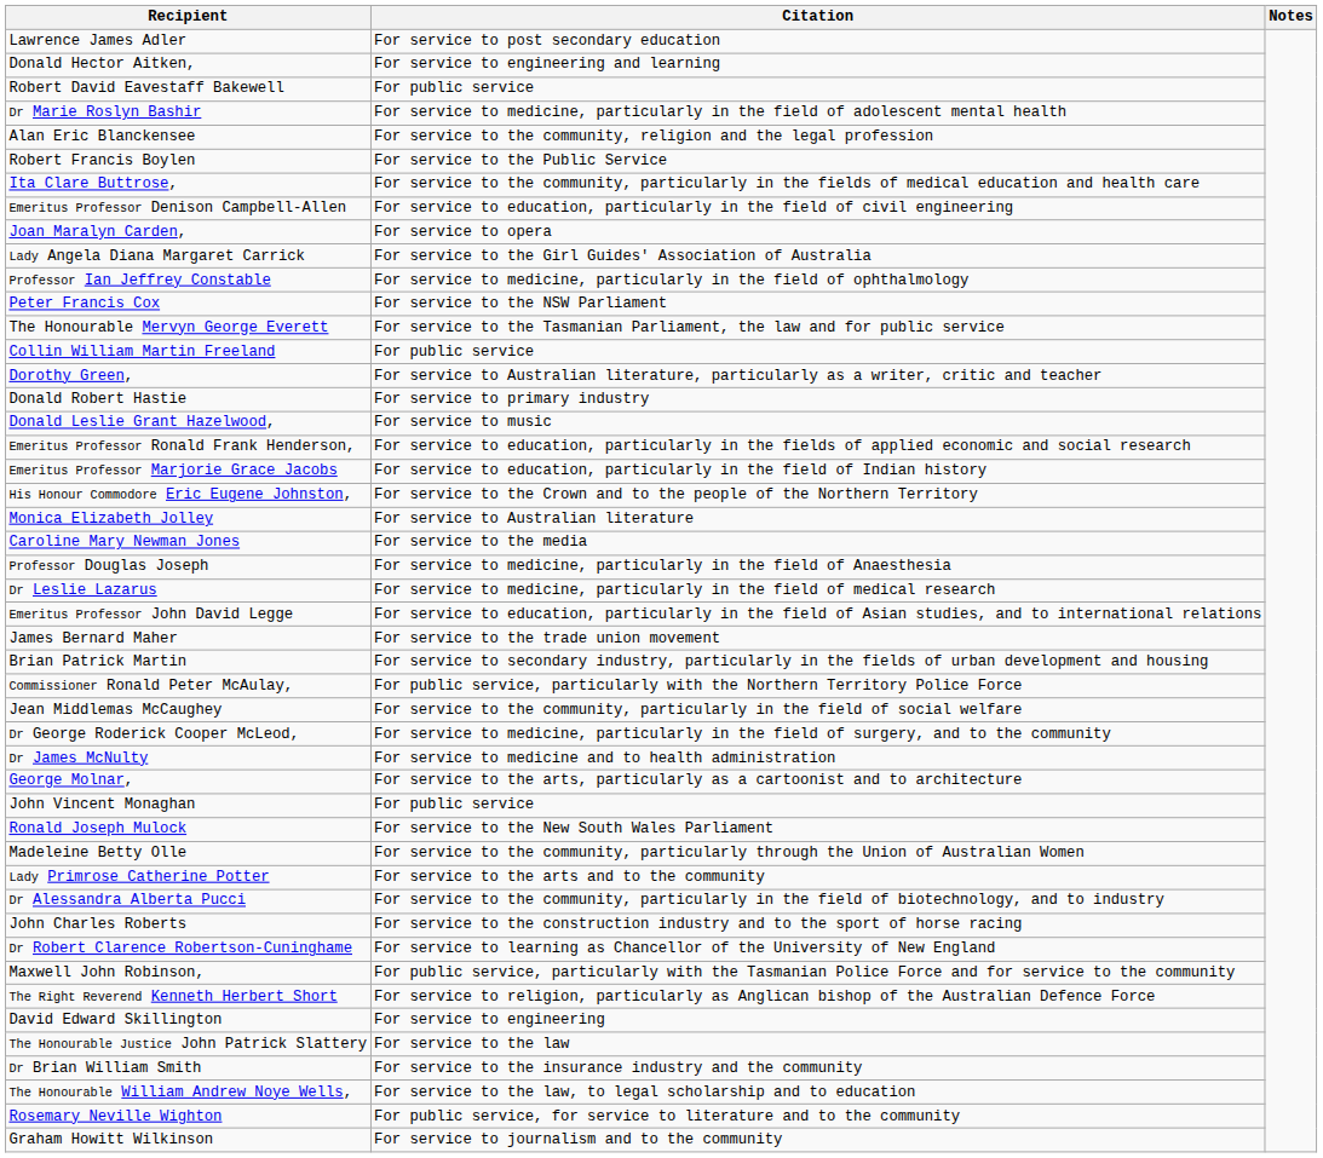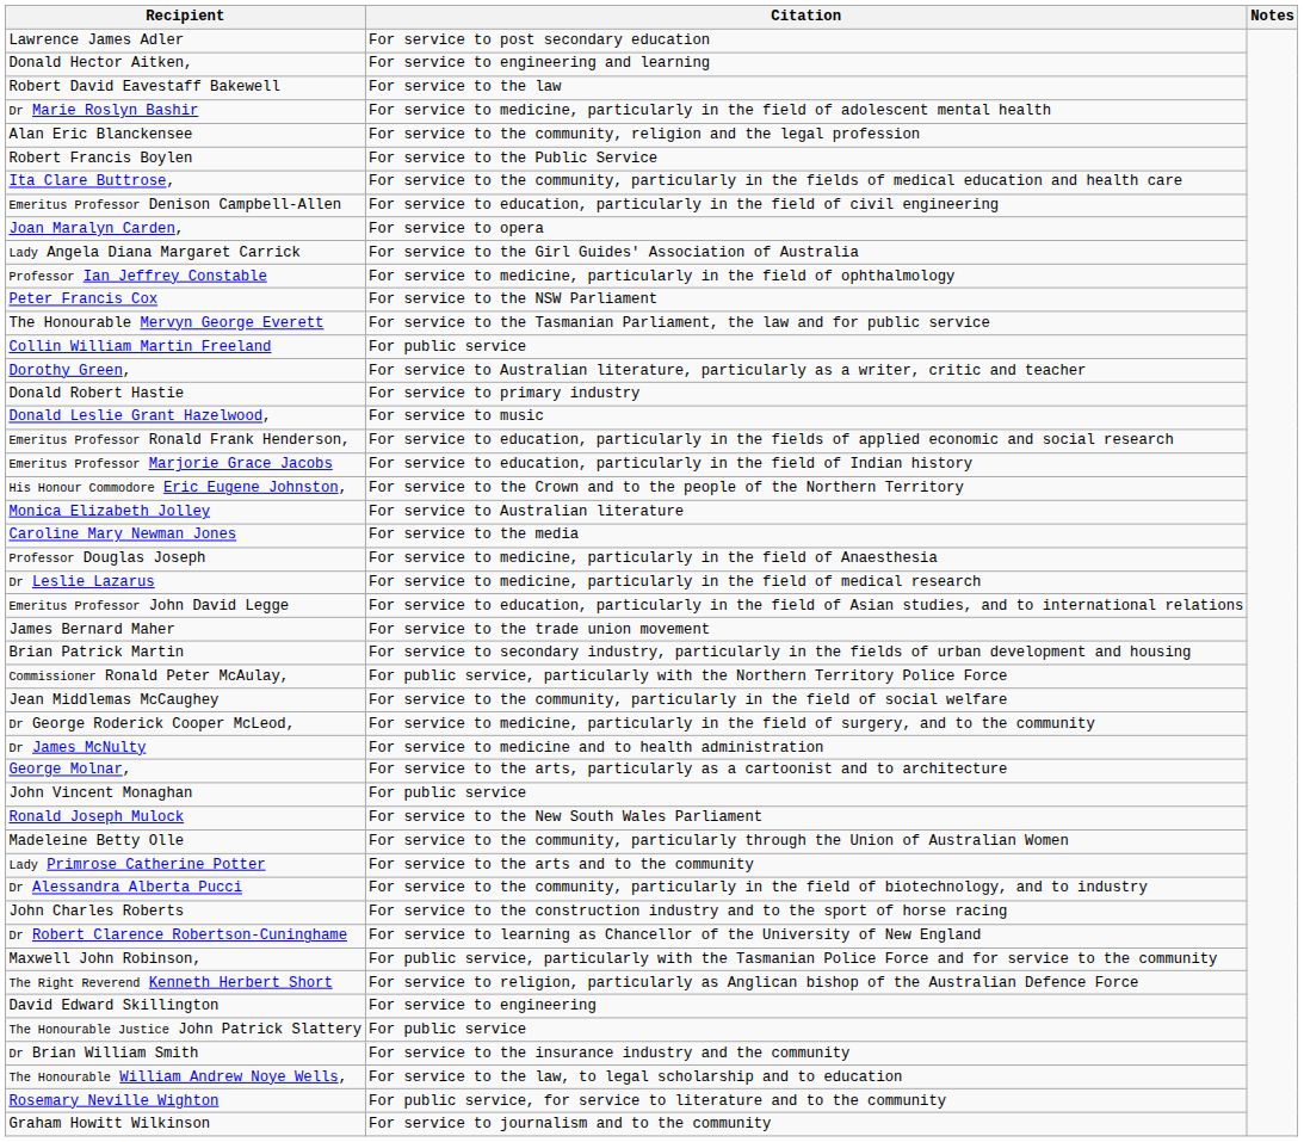 <table class="wikitable" style="font-size:95%;">
 <tr>
 <th>Recipient</th>
 <th>Citation</th>
 <th>Notes</th>
 </tr>
 <tr>
 <td>Lawrence James Adler</td>
 <td>For service to post secondary education</td>
 <td rowspan="47"></td>
 </tr>
 <tr>
 <td>Donald Hector Aitken, </td>
 <td>For service to engineering and learning</td>
 </tr>
 <tr>
 <td>Robert David Eavestaff Bakewell</td>
-<td>For public service</td>
+<td>For service to the law</td>
 </tr>
 <tr>
 <td><small>Dr</small> <a href='#'>Marie Roslyn Bashir</a></td>
 <td>For service to medicine, particularly in the field of adolescent mental health</td>
 </tr>
 <tr>
 <td>Alan Eric Blanckensee</td>
 <td>For service to the community, religion and the legal profession</td>
 </tr>
 <tr>
 <td>Robert Francis Boylen</td>
 <td>For service to the Public Service</td>
 </tr>
 <tr>
 <td><a href='#'>Ita Clare Buttrose</a>, </td>
 <td>For service to the community, particularly in the fields of medical education and health care</td>
 </tr>
 <tr>
 <td><small>Emeritus Professor</small> Denison Campbell-Allen</td>
 <td>For service to education, particularly in the field of civil engineering</td>
 </tr>
 <tr>
 <td><a href='#'>Joan Maralyn Carden</a>, </td>
 <td>For service to opera</td>
 </tr>
 <tr>
 <td><small>Lady</small> Angela Diana Margaret Carrick</td>
 <td>For service to the Girl Guides' Association of Australia</td>
 </tr>
 <tr>
 <td><small>Professor</small> <a href='#'>Ian Jeffrey Constable</a></td>
 <td>For service to medicine, particularly in the field of ophthalmology</td>
 </tr>
 <tr>
 <td><a href='#'>Peter Francis Cox</a></td>
 <td>For service to the NSW Parliament</td>
 </tr>
 <tr>
 <td>The Honourable <a href='#'>Mervyn George Everett</a></td>
 <td>For service to the Tasmanian Parliament, the law and for public service</td>
 </tr>
 <tr>
 <td><a href='#'>Collin William Martin Freeland</a></td>
 <td>For public service</td>
 </tr>
 <tr>
 <td><a href='#'>Dorothy Green</a>, </td>
 <td>For service to Australian literature, particularly as a writer, critic and teacher</td>
 </tr>
 <tr>
 <td>Donald Robert Hastie</td>
 <td>For service to primary industry</td>
 </tr>
 <tr>
 <td><a href='#'>Donald Leslie Grant Hazelwood</a>, </td>
 <td>For service to music</td>
 </tr>
 <tr>
 <td><small>Emeritus Professor</small> Ronald Frank Henderson, </td>
 <td>For service to education, particularly in the fields of applied economic and social research</td>
 </tr>
 <tr>
 <td><small>Emeritus Professor</small> <a href='#'>Marjorie Grace Jacobs</a></td>
 <td>For service to education, particularly in the field of Indian history</td>
 </tr>
 <tr>
 <td><small>His Honour Commodore</small> <a href='#'>Eric Eugene Johnston</a>, </td>
 <td>For service to the Crown and to the people of the Northern Territory</td>
 </tr>
 <tr>
 <td><a href='#'>Monica Elizabeth Jolley</a></td>
 <td>For service to Australian literature</td>
 </tr>
 <tr>
 <td><a href='#'>Caroline Mary Newman Jones</a></td>
 <td>For service to the media</td>
 </tr>
 <tr>
 <td><small>Professor</small> Douglas Joseph</td>
 <td>For service to medicine, particularly in the field of Anaesthesia</td>
 </tr>
 <tr>
 <td><small>Dr</small> <a href='#'>Leslie Lazarus</a></td>
 <td>For service to medicine, particularly in the field of medical research</td>
 </tr>
 <tr>
 <td><small>Emeritus Professor</small> John David Legge</td>
 <td>For service to education, particularly in the field of Asian studies, and to international relations</td>
 </tr>
 <tr>
 <td>James Bernard Maher</td>
 <td>For service to the trade union movement</td>
 </tr>
 <tr>
 <td>Brian Patrick Martin</td>
 <td>For service to secondary industry, particularly in the fields of urban development and housing</td>
 </tr>
 <tr>
 <td><small>Commissioner</small> Ronald Peter McAulay, </td>
 <td>For public service, particularly with the Northern Territory Police Force</td>
 </tr>
 <tr>
 <td>Jean Middlemas McCaughey</td>
 <td>For service to the community, particularly in the field of social welfare</td>
 </tr>
 <tr>
 <td><small>Dr</small> George Roderick Cooper McLeod, </td>
 <td>For service to medicine, particularly in the field of surgery, and to the community</td>
 </tr>
 <tr>
 <td><small>Dr</small> <a href='#'>James McNulty</a></td>
 <td>For service to medicine and to health administration</td>
 </tr>
 <tr>
 <td><a href='#'>George Molnar</a>, </td>
 <td>For service to the arts, particularly as a cartoonist and to architecture</td>
 </tr>
 <tr>
 <td>John Vincent Monaghan</td>
 <td>For public service</td>
 </tr>
 <tr>
 <td><a href='#'>Ronald Joseph Mulock</a></td>
 <td>For service to the New South Wales Parliament</td>
 </tr>
 <tr>
 <td>Madeleine Betty Olle</td>
 <td>For service to the community, particularly through the Union of Australian Women</td>
 </tr>
 <tr>
 <td><small>Lady</small> <a href='#'>Primrose Catherine Potter</a></td>
 <td>For service to the arts and to the community</td>
 </tr>
 <tr>
 <td><small>Dr</small> <a href='#'>Alessandra Alberta Pucci</a></td>
 <td>For service to the community, particularly in the field of biotechnology, and to industry</td>
 </tr>
 <tr>
 <td>John Charles Roberts</td>
 <td>For service to the construction industry and to the sport of horse racing</td>
 </tr>
 <tr>
 <td><small>Dr</small> <a href='#'>Robert Clarence Robertson-Cuninghame</a></td>
 <td>For service to learning as Chancellor of the University of New England</td>
 </tr>
 <tr>
 <td>Maxwell John Robinson, </td>
 <td>For public service, particularly with the Tasmanian Police Force and for service to the community</td>
 </tr>
 <tr>
 <td><small>The Right Reverend</small> <a href='#'>Kenneth Herbert Short</a></td>
 <td>For service to religion, particularly as Anglican bishop of the Australian Defence Force</td>
 </tr>
 <tr>
 <td>David Edward Skillington</td>
 <td>For service to engineering</td>
 </tr>
 <tr>
 <td><small>The Honourable Justice</small> John Patrick Slattery</td>
-<td>For service to the law</td>
+<td>For public service</td>
 </tr>
 <tr>
 <td><small>Dr</small> Brian William Smith</td>
 <td>For service to the insurance industry and the community</td>
 </tr>
 <tr>
 <td><small>The Honourable</small> <a href='#'>William Andrew Noye Wells</a>, </td>
 <td>For service to the law, to legal scholarship and to education</td>
 </tr>
 <tr>
 <td><a href='#'>Rosemary Neville Wighton</a></td>
 <td>For public service, for service to literature and to the community</td>
 </tr>
 <tr>
 <td>Graham Howitt Wilkinson</td>
 <td>For service to journalism and to the community</td>
 </tr>
 </table>
